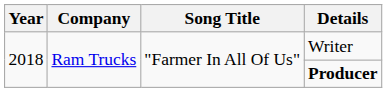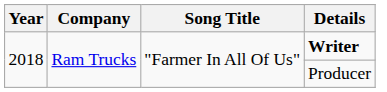 <table class="wikitable">
 <tr>
 <th>Year</th>
 <th>Company</th>
 <th>Song Title</th>
 <th>Details</th>
 </tr>
 <tr>
 <td rowspan="2">2018</td>
 <td rowspan="2"><a href='#'>Ram Trucks</a></td>
 <td rowspan="2">"Farmer In All Of Us"</td>
-<td>Writer</td>
+<td><strong>Writer</strong></td>
 </tr>
 <tr>
-<td><strong>Producer</strong></td>
+<td>Producer</td>
 </tr>
 </table>
